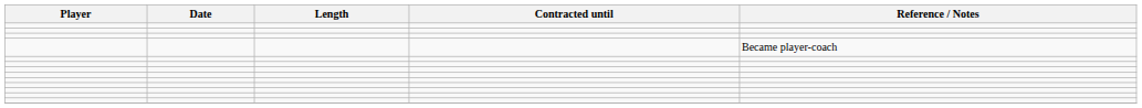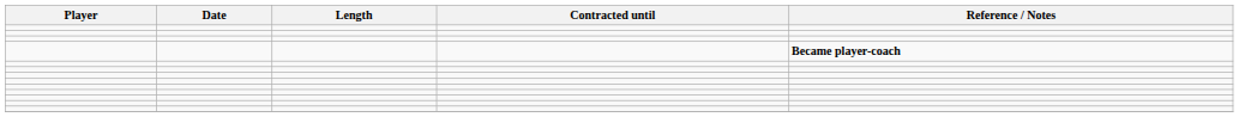 <table width=98% class="wikitable sortable" style="text-align:center; font-size:95%; text-align:left">
 <tr>
 <th>Player</th>
 <th>Date</th>
 <th>Length</th>
 <th>Contracted until</th>
 <th>Reference / Notes</th>
 </tr>
 <tr>
 <td></td>
 <td></td>
 <td></td>
 <td></td>
 <td></td>
 </tr>
 <tr>
 <td></td>
 <td></td>
 <td></td>
 <td></td>
 <td></td>
 </tr>
 <tr>
 <td></td>
 <td></td>
 <td></td>
 <td></td>
 <td></td>
 </tr>
 <tr>
 <td></td>
 <td></td>
 <td></td>
 <td></td>
-<td>Became player-coach</td>
+<td><strong>Became player-coach</strong></td>
 </tr>
 <tr>
 <td></td>
 <td></td>
 <td></td>
 <td></td>
 <td></td>
 </tr>
 <tr>
 <td></td>
 <td></td>
 <td></td>
 <td></td>
 <td></td>
 </tr>
 <tr>
 <td></td>
 <td></td>
 <td></td>
 <td></td>
 <td></td>
 </tr>
 <tr>
 <td></td>
 <td></td>
 <td></td>
 <td></td>
 <td></td>
 </tr>
 <tr>
 <td></td>
 <td></td>
 <td></td>
 <td></td>
 <td></td>
 </tr>
 <tr>
 <td></td>
 <td></td>
 <td></td>
 <td></td>
 <td></td>
 </tr>
 <tr>
 <td></td>
 <td></td>
 <td></td>
 <td></td>
 <td></td>
 </tr>
 <tr>
 <td></td>
 <td></td>
 <td></td>
 <td></td>
 <td></td>
 </tr>
 <tr>
 <td></td>
 <td></td>
 <td></td>
 <td></td>
 <td></td>
 </tr>
 <tr>
 </tr>
 </table>
